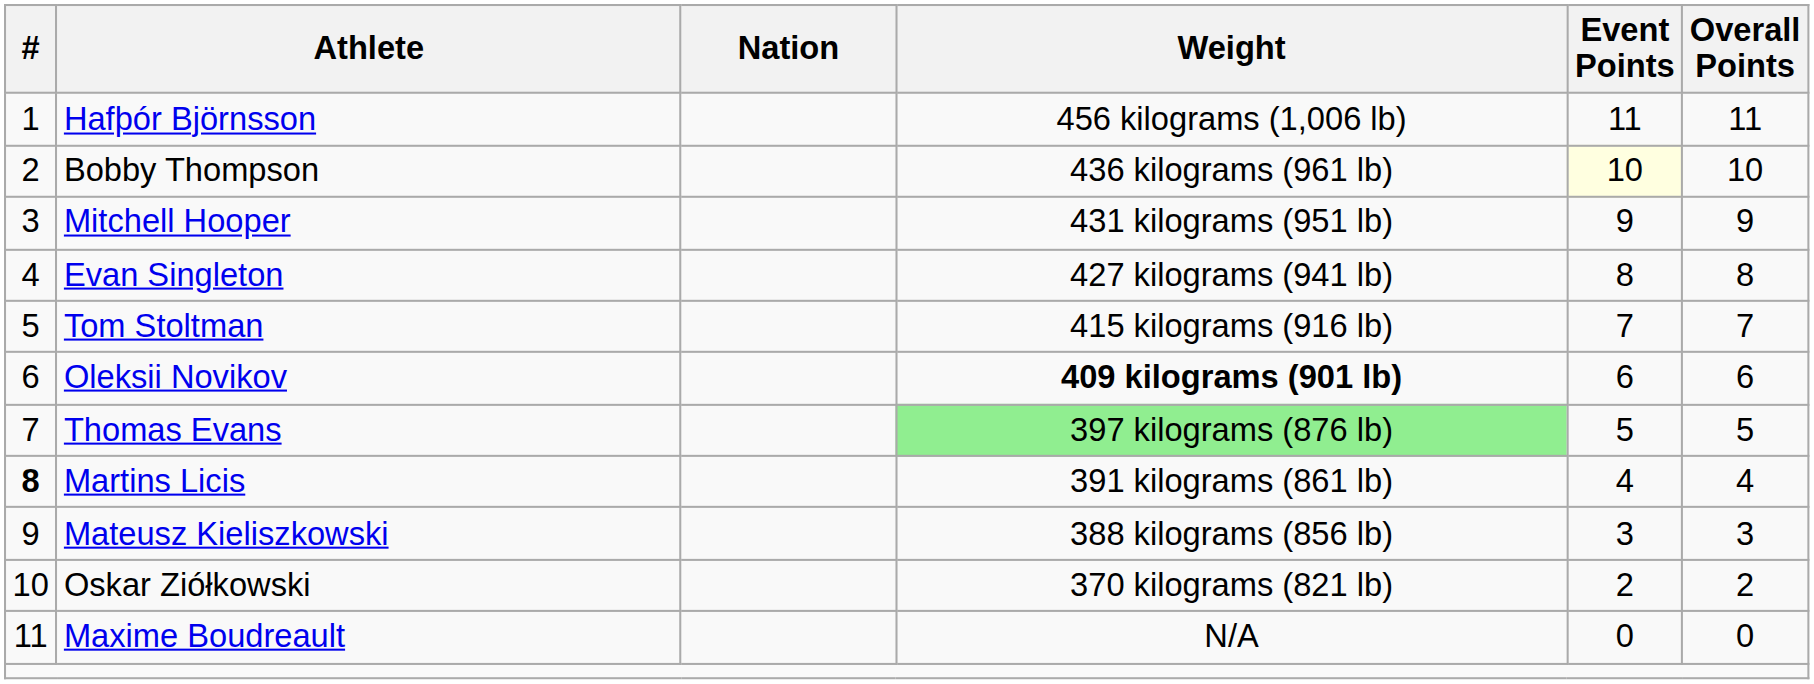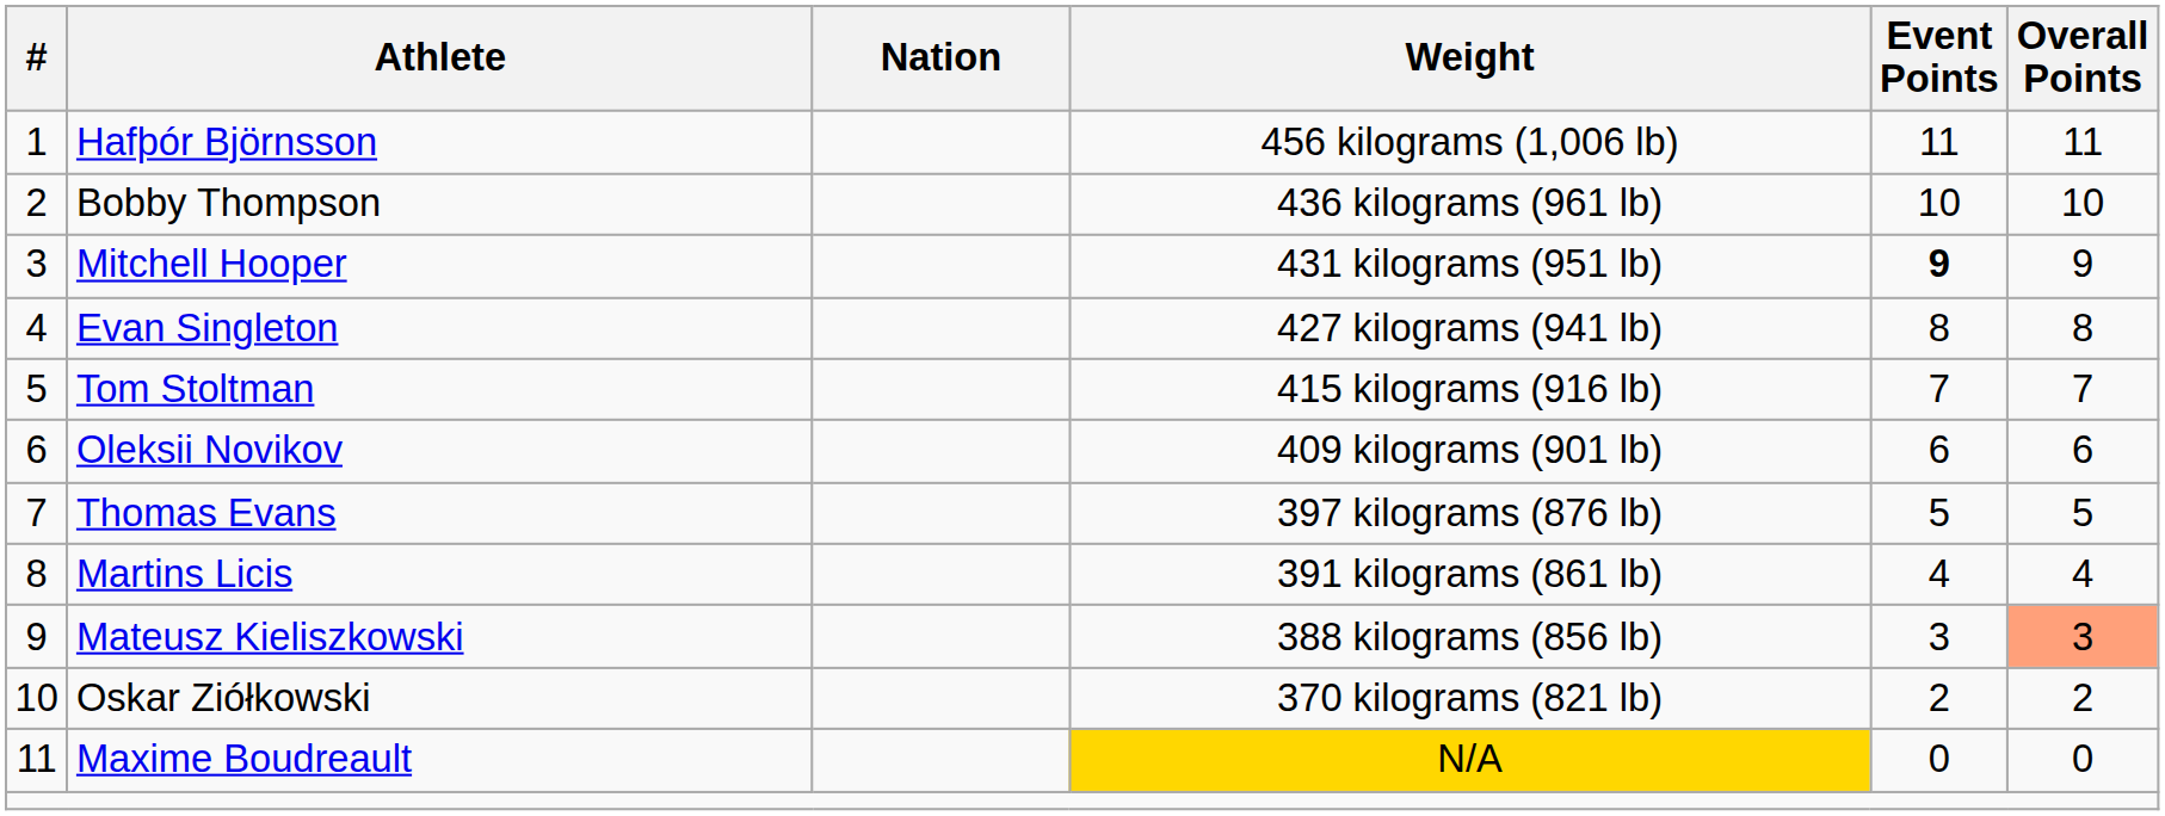 <table class="wikitable sortable" style="text-align:center;width: 70%;">
 <tr>
 <th scope="col" style="width: 10px;">#</th>
 <th scope="col">Athlete</th>
 <th scope="col">Nation</th>
 <th scope="col">Weight</th>
 <th scope="col" style="width: 10px;">Event Points</th>
 <th scope="col" style="width: 10px;">Overall Points</th>
 </tr>
 <tr>
 <td>1</td>
 <td align=left><a href='#'>Hafþór Björnsson</a></td>
 <td align=left></td>
 <td>456 kilograms (1,006 lb)</td>
 <td>11</td>
 <td>11</td>
 </tr>
 <tr>
 <td>2</td>
 <td align=left>Bobby Thompson</td>
 <td align=left></td>
 <td>436 kilograms (961 lb)</td>
-<td style="background: lightyellow;">10</td>
+<td>10</td>
 <td>10</td>
 </tr>
 <tr>
 <td>3</td>
 <td align=left><a href='#'>Mitchell Hooper</a></td>
 <td align=left></td>
 <td>431 kilograms (951 lb)</td>
-<td>9</td>
+<td><strong>9</strong></td>
 <td>9</td>
 </tr>
 <tr>
 <td>4</td>
 <td align=left><a href='#'>Evan Singleton</a></td>
 <td align=left></td>
 <td>427 kilograms (941 lb)</td>
 <td>8</td>
 <td>8</td>
 </tr>
 <tr>
 <td>5</td>
 <td align=left><a href='#'>Tom Stoltman</a></td>
 <td align=left></td>
 <td>415 kilograms (916 lb)</td>
 <td>7</td>
 <td>7</td>
 </tr>
 <tr>
 <td>6</td>
 <td align=left><a href='#'>Oleksii Novikov</a></td>
 <td align=left></td>
-<td><strong>409 kilograms (901 lb)</strong></td>
+<td>409 kilograms (901 lb)</td>
 <td>6</td>
 <td>6</td>
 </tr>
 <tr>
 <td>7</td>
 <td align=left><a href='#'>Thomas Evans</a></td>
 <td align=left></td>
-<td style="background: lightgreen;">397 kilograms (876 lb)</td>
+<td>397 kilograms (876 lb)</td>
 <td>5</td>
 <td>5</td>
 </tr>
 <tr>
-<td><strong>8</strong></td>
+<td>8</td>
 <td align=left><a href='#'>Martins Licis</a></td>
 <td align=left></td>
 <td>391 kilograms (861 lb)</td>
 <td>4</td>
 <td>4</td>
 </tr>
 <tr>
 <td>9</td>
 <td align=left><a href='#'>Mateusz Kieliszkowski</a></td>
 <td align=left></td>
 <td>388 kilograms (856 lb)</td>
 <td>3</td>
-<td>3</td>
+<td style="background: lightsalmon;">3</td>
 </tr>
 <tr>
 <td>10</td>
 <td align=left>Oskar Ziółkowski</td>
 <td align=left></td>
 <td>370 kilograms (821 lb)</td>
 <td>2</td>
 <td>2</td>
 </tr>
 <tr>
 <td>11</td>
 <td align=left><a href='#'>Maxime Boudreault</a></td>
 <td align=left></td>
-<td>N/A</td>
+<td style="background: gold;">N/A</td>
 <td>0</td>
 <td>0</td>
 </tr>
 <tr class="sortbottom">
 <td colspan="6"></td>
 </tr>
 </table>
